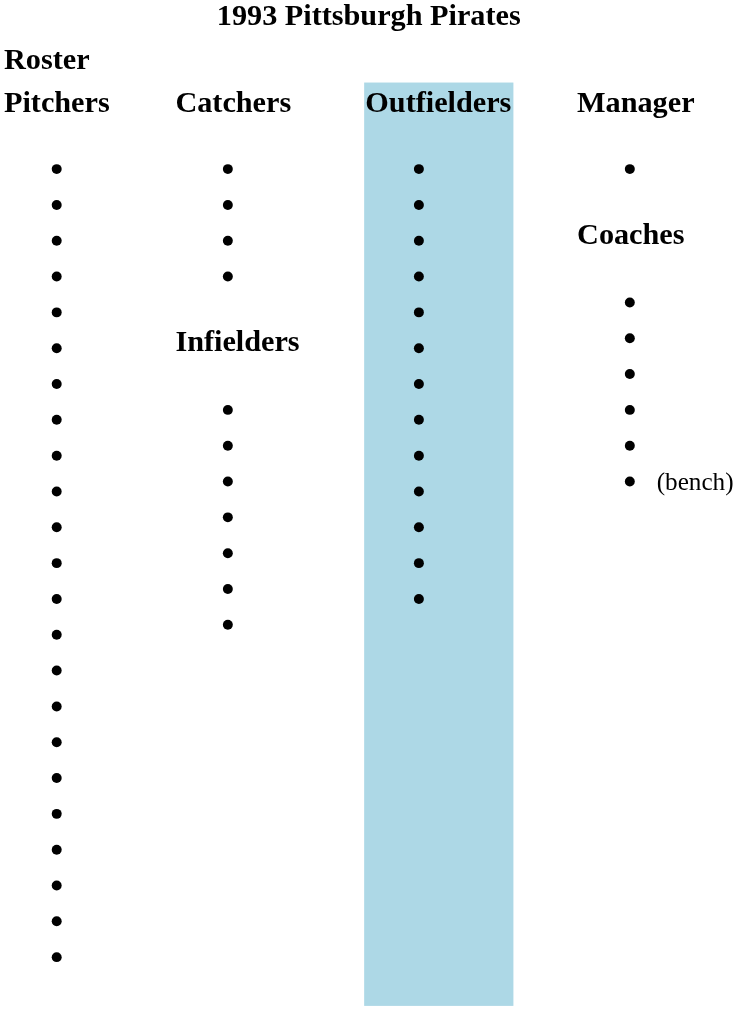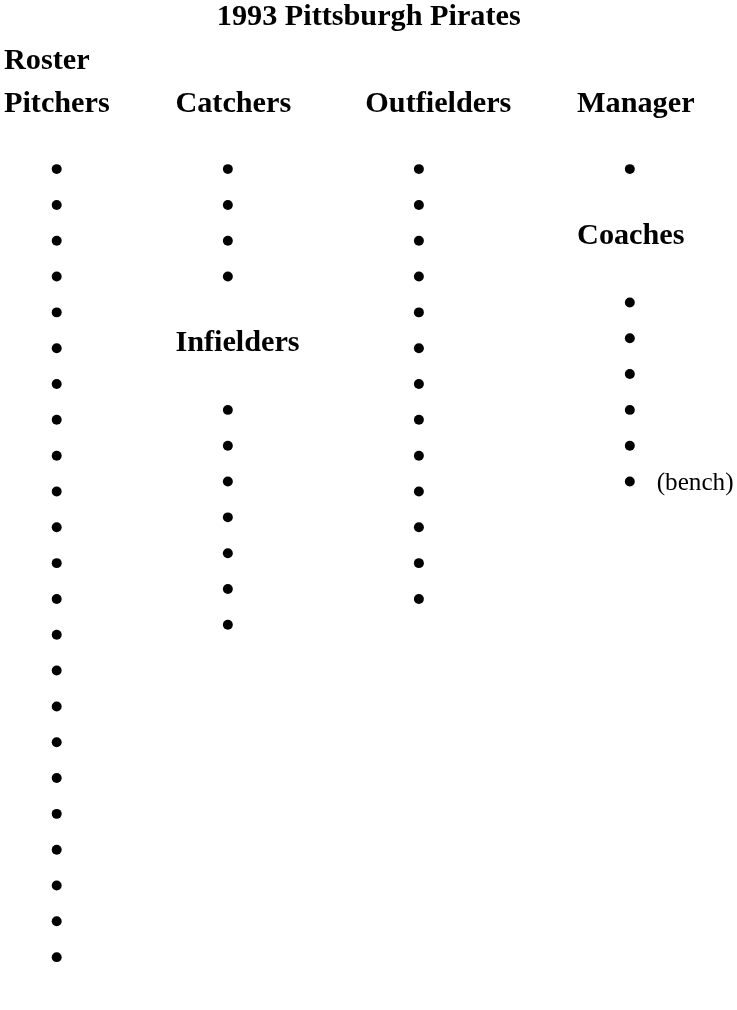 <table class="toccolours" style="font-size: 95%;">
 <tr>
 <th colspan="10">1993 Pittsburgh Pirates</th>
 </tr>
 <tr>
 <td colspan="10"><strong>Roster</strong></td>
 </tr>
 <tr>
 <td valign="top"><strong>Pitchers</strong><br><ul><li></li><li></li><li></li><li></li><li></li><li></li><li></li><li></li><li></li><li></li><li></li><li></li><li></li><li></li><li></li><li></li><li></li><li></li><li></li><li></li><li></li><li></li><li></li></ul></td>
 <td width="25px"></td>
 <td valign="top"><strong>Catchers</strong><br><ul><li></li><li></li><li></li><li></li></ul><strong>Infielders</strong><ul><li></li><li></li><li></li><li></li><li></li><li></li><li></li></ul></td>
 <td width="25px"></td>
-<td valign="top" style="background: lightblue;"><strong>Outfielders</strong><br><ul><li></li><li></li><li></li><li></li><li></li><li></li><li></li><li></li><li></li><li></li><li></li><li></li><li></li></ul></td>
+<td valign="top"><strong>Outfielders</strong><br><ul><li></li><li></li><li></li><li></li><li></li><li></li><li></li><li></li><li></li><li></li><li></li><li></li><li></li></ul></td>
 <td width="25px"></td>
 <td valign="top"><strong>Manager</strong><br><ul><li></li></ul><strong>Coaches</strong><ul><li></small></li><li></small></li><li></small></li><li></small></li><li></small></li><li> <small>(bench)</small></li></ul></td>
 </tr>
 </table>
